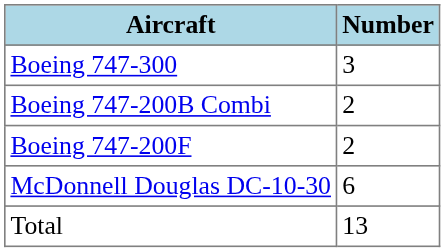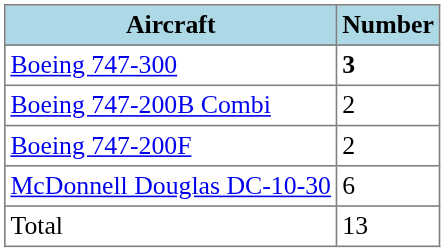 <table class="toccolours" border="1" cellpadding="3" style="border-collapse:collapse">
 <tr style="background:lightblue;">
 <th>Aircraft</th>
 <th>Number</th>
 </tr>
 <tr>
 <td><a href='#'>Boeing 747-300</a></td>
-<td>3</td>
+<td><strong>3</strong></td>
 </tr>
 <tr>
 <td><a href='#'>Boeing 747-200B Combi</a></td>
 <td>2</td>
 </tr>
 <tr>
 <td><a href='#'>Boeing 747-200F</a></td>
 <td>2</td>
 </tr>
 <tr>
 <td><a href='#'>McDonnell Douglas DC-10-30</a></td>
 <td>6</td>
 </tr>
 <tr>
 <td>Total</td>
 <td>13</td>
 </tr>
 </table>
